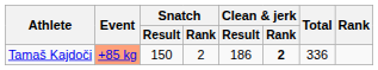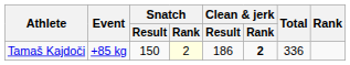 <table class="wikitable" style="font-size:90%">
 <tr>
 <th rowspan="2">Athlete</th>
 <th rowspan="2">Event</th>
 <th colspan="2">Snatch</th>
 <th colspan="2">Clean & jerk</th>
 <th rowspan="2">Total</th>
 <th rowspan="2">Rank</th>
 </tr>
 <tr style="font-size:95%">
 <th>Result</th>
 <th>Rank</th>
 <th>Result</th>
 <th>Rank</th>
 </tr>
 <tr align=center>
 <td align=left><a href='#'>Tamaš Kajdoči</a></td>
-<td align=left style="background: lightsalmon;"><a href='#'>+85 kg</a></td>
+<td align=left><a href='#'>+85 kg</a></td>
 <td>150</td>
-<td>2</td>
+<td style="background: lightyellow;">2</td>
 <td>186</td>
 <td><strong>2</strong></td>
 <td>336</td>
 <td></td>
 </tr>
 </table>
